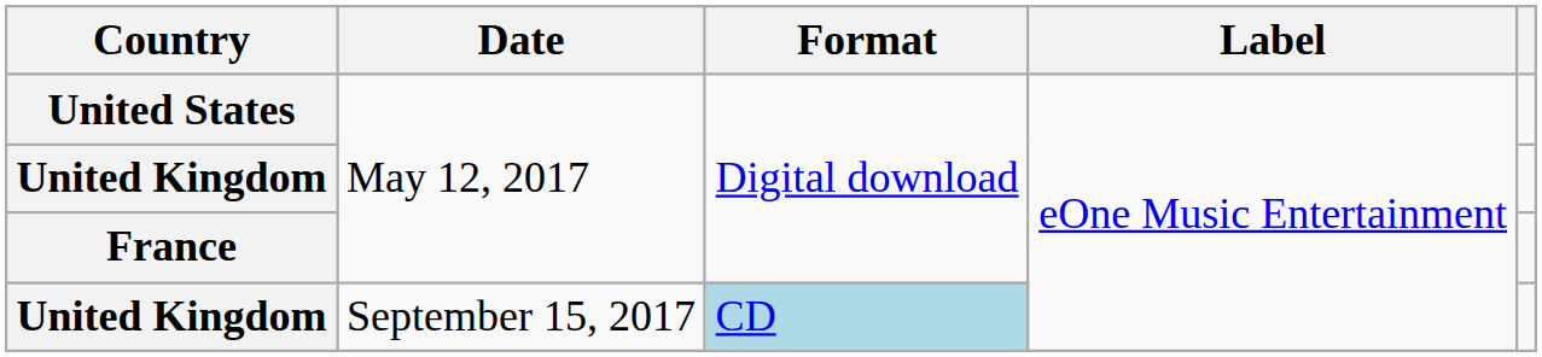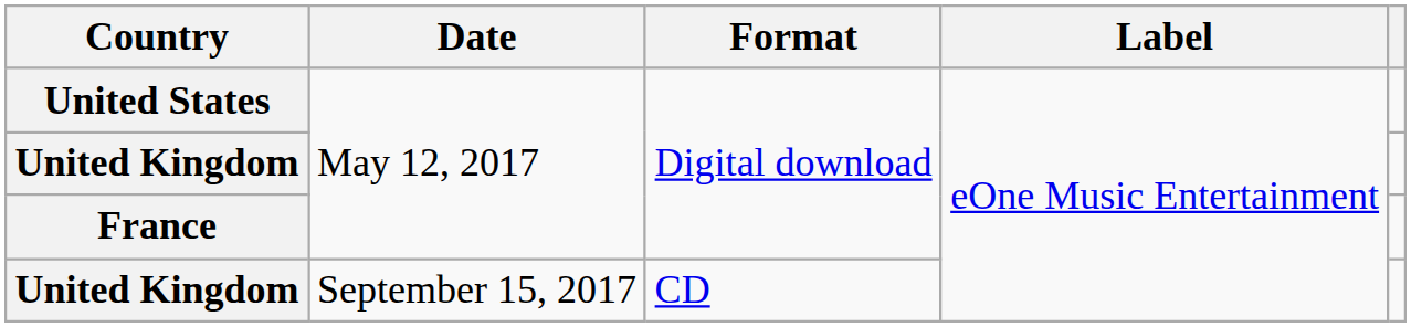 <table class="wikitable plainrowheaders">
 <tr>
 <th scope="col">Country</th>
 <th scope="col">Date</th>
 <th scope="col">Format</th>
 <th scope="col">Label</th>
 <th scope="col"></th>
 </tr>
 <tr>
 <th scope="row">United States</th>
 <td rowspan="3">May 12, 2017</td>
 <td rowspan="3"><a href='#'>Digital download</a></td>
 <td rowspan="4"><a href='#'>eOne Music Entertainment</a></td>
 <td style="text-align:center;"></td>
 </tr>
 <tr>
 <th scope="row">United Kingdom</th>
 <td style="text-align:center;"></td>
 </tr>
 <tr>
 <th scope="row">France</th>
 <td style="text-align:center;"></td>
 </tr>
 <tr>
 <th scope="row">United Kingdom</th>
 <td>September 15, 2017</td>
-<td style="background: lightblue;"><a href='#'>CD</a></td>
+<td><a href='#'>CD</a></td>
 <td style="text-align:center;"></td>
 </tr>
 </table>
